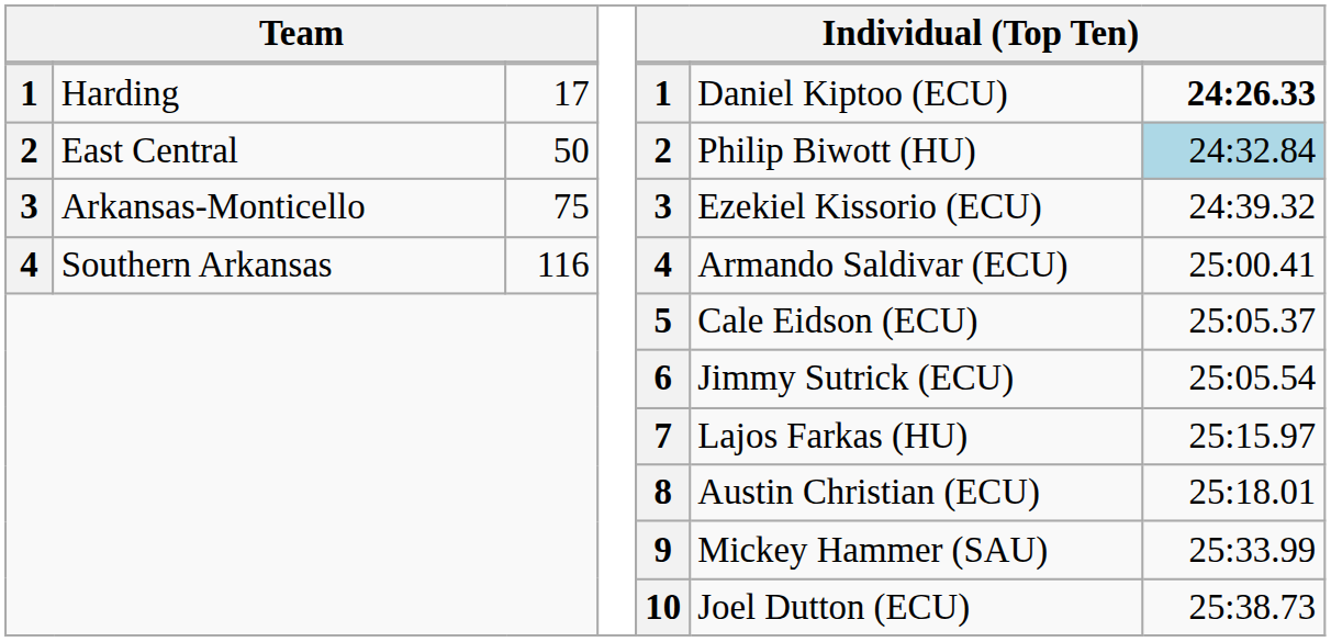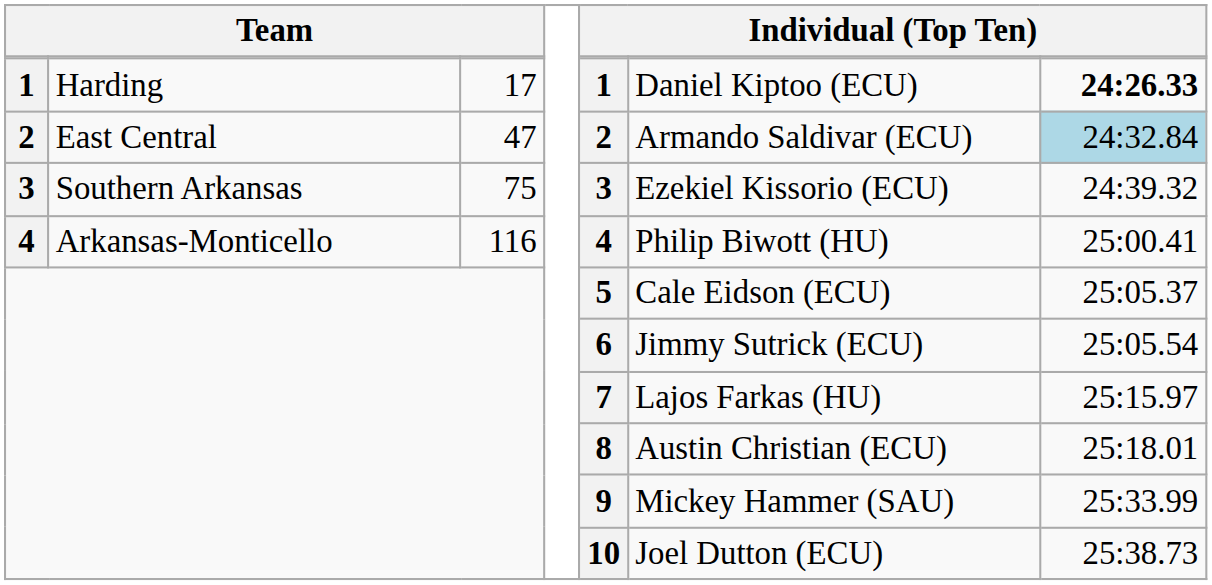 <table class="wikitable">
 <tr>
 <th colspan=3>Team</th>
 <td rowspan=12 width=10 bgcolor=#ffffff></td>
 <th colspan=3>Individual (Top Ten)</th>
 </tr>
 <tr height=0>
 <td style="padding:0" width=20></td>
 <td style="padding:0" width=200></td>
 <td style="padding:0" width=40></td>
 <td style="padding:0" width=20></td>
 <td style="padding:0" width=200></td>
 <td style="padding:0" width=80></td>
 </tr>
 <tr>
 <th>1</th>
 <td>Harding</td>
 <td align=right>17</td>
 <th>1</th>
 <td>Daniel Kiptoo (ECU)</td>
 <td align=right><strong>24:26.33</strong></td>
 </tr>
 <tr>
 <th>2</th>
 <td>East Central</td>
-<td align=right>50</td>
+<td align=right>47</td>
 <th>2</th>
-<td>Philip Biwott (HU)</td>
+<td>Armando Saldivar (ECU)</td>
 <td align=right style="background: lightblue;">24:32.84</td>
 </tr>
 <tr>
 <th>3</th>
-<td>Arkansas-Monticello</td>
+<td>Southern Arkansas</td>
 <td align=right>75</td>
 <th>3</th>
 <td>Ezekiel Kissorio (ECU)</td>
 <td align=right>24:39.32</td>
 </tr>
 <tr>
 <th>4</th>
-<td>Southern Arkansas</td>
+<td>Arkansas-Monticello</td>
 <td align=right>116</td>
 <th>4</th>
-<td>Armando Saldivar (ECU)</td>
+<td>Philip Biwott (HU)</td>
 <td align=right>25:00.41</td>
 </tr>
 <tr>
 <td rowspan=6 colspan=3></td>
 <th>5</th>
 <td>Cale Eidson (ECU)</td>
 <td align=right>25:05.37</td>
 </tr>
 <tr>
 <th>6</th>
 <td>Jimmy Sutrick (ECU)</td>
 <td align=right>25:05.54</td>
 </tr>
 <tr>
 <th>7</th>
 <td>Lajos Farkas (HU)</td>
 <td align=right>25:15.97</td>
 </tr>
 <tr>
 <th>8</th>
 <td>Austin Christian (ECU)</td>
 <td align=right>25:18.01</td>
 </tr>
 <tr>
 <th>9</th>
 <td>Mickey Hammer (SAU)</td>
 <td align=right>25:33.99</td>
 </tr>
 <tr>
 <th>10</th>
 <td>Joel Dutton (ECU)</td>
 <td align=right>25:38.73</td>
 </tr>
 </table>
